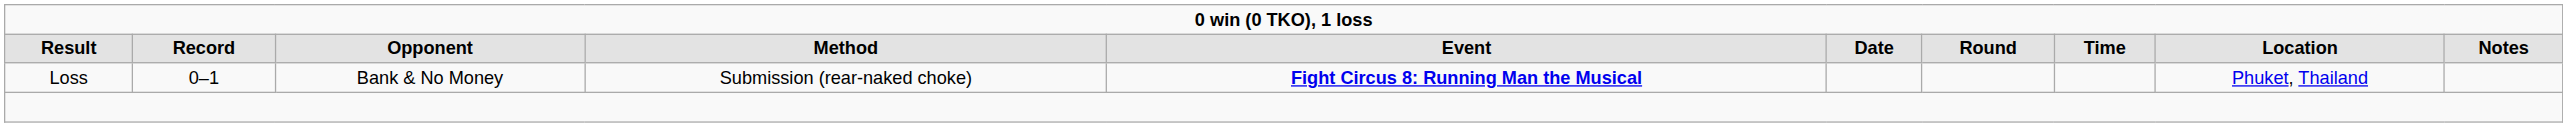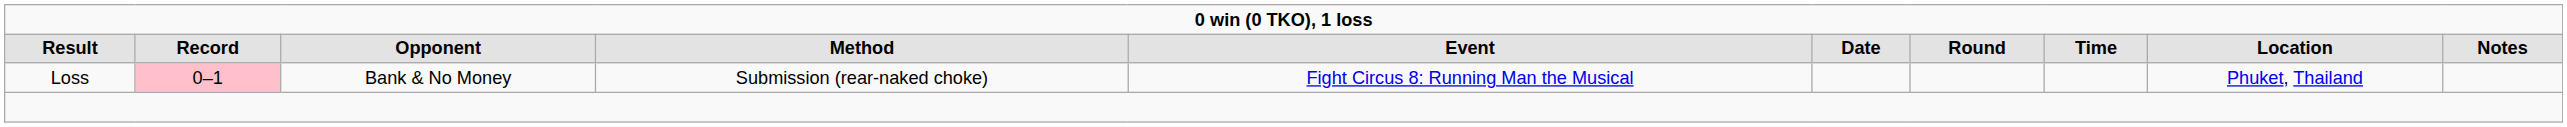 <table style="width:100%; clear:both; margin:1.5em auto; text-align:center; font-size:88%;" class="wikitable sortable">
 <tr>
 <td colspan=10><strong>0 win (0 TKO), 1 loss</strong></td>
 </tr>
 <tr>
 <th style="border-style: none none solid solid; background: #e3e3e3"><strong>Result</strong></th>
 <th style="border-style: none none solid solid; background: #e3e3e3"><strong>Record</strong></th>
 <th style="border-style: none none solid solid; background: #e3e3e3"><strong>Opponent</strong></th>
 <th style="border-style: none none solid solid; background: #e3e3e3"><strong>Method</strong></th>
 <th style="border-style: none none solid solid; background: #e3e3e3"><strong>Event</strong></th>
 <th style="border-style: none none solid solid; background: #e3e3e3"><strong>Date</strong></th>
 <th style="border-style: none none solid solid; background: #e3e3e3"><strong>Round</strong></th>
 <th style="border-style: none none solid solid; background: #e3e3e3"><strong>Time</strong></th>
 <th style="border-style: none none solid solid; background: #e3e3e3"><strong>Location</strong></th>
 <th style="border-style: none none solid solid; background: #e3e3e3"><strong>Notes</strong></th>
 </tr>
 <tr>
 <td>Loss</td>
-<td align=center>0–1</td>
+<td align=center style="background: pink;">0–1</td>
 <td>Bank & No Money</td>
 <td>Submission (rear-naked choke)</td>
-<td><strong><a href='#'>Fight Circus 8: Running Man the Musical</a></strong></td>
+<td><a href='#'>Fight Circus 8: Running Man the Musical</a></td>
 <td></td>
 <td align=center></td>
 <td align=center></td>
 <td><a href='#'>Phuket</a>, <a href='#'>Thailand</a></td>
 <td align=left></td>
 </tr>
 <tr>
 <td colspan=10><br></td>
 </tr>
 </table>
